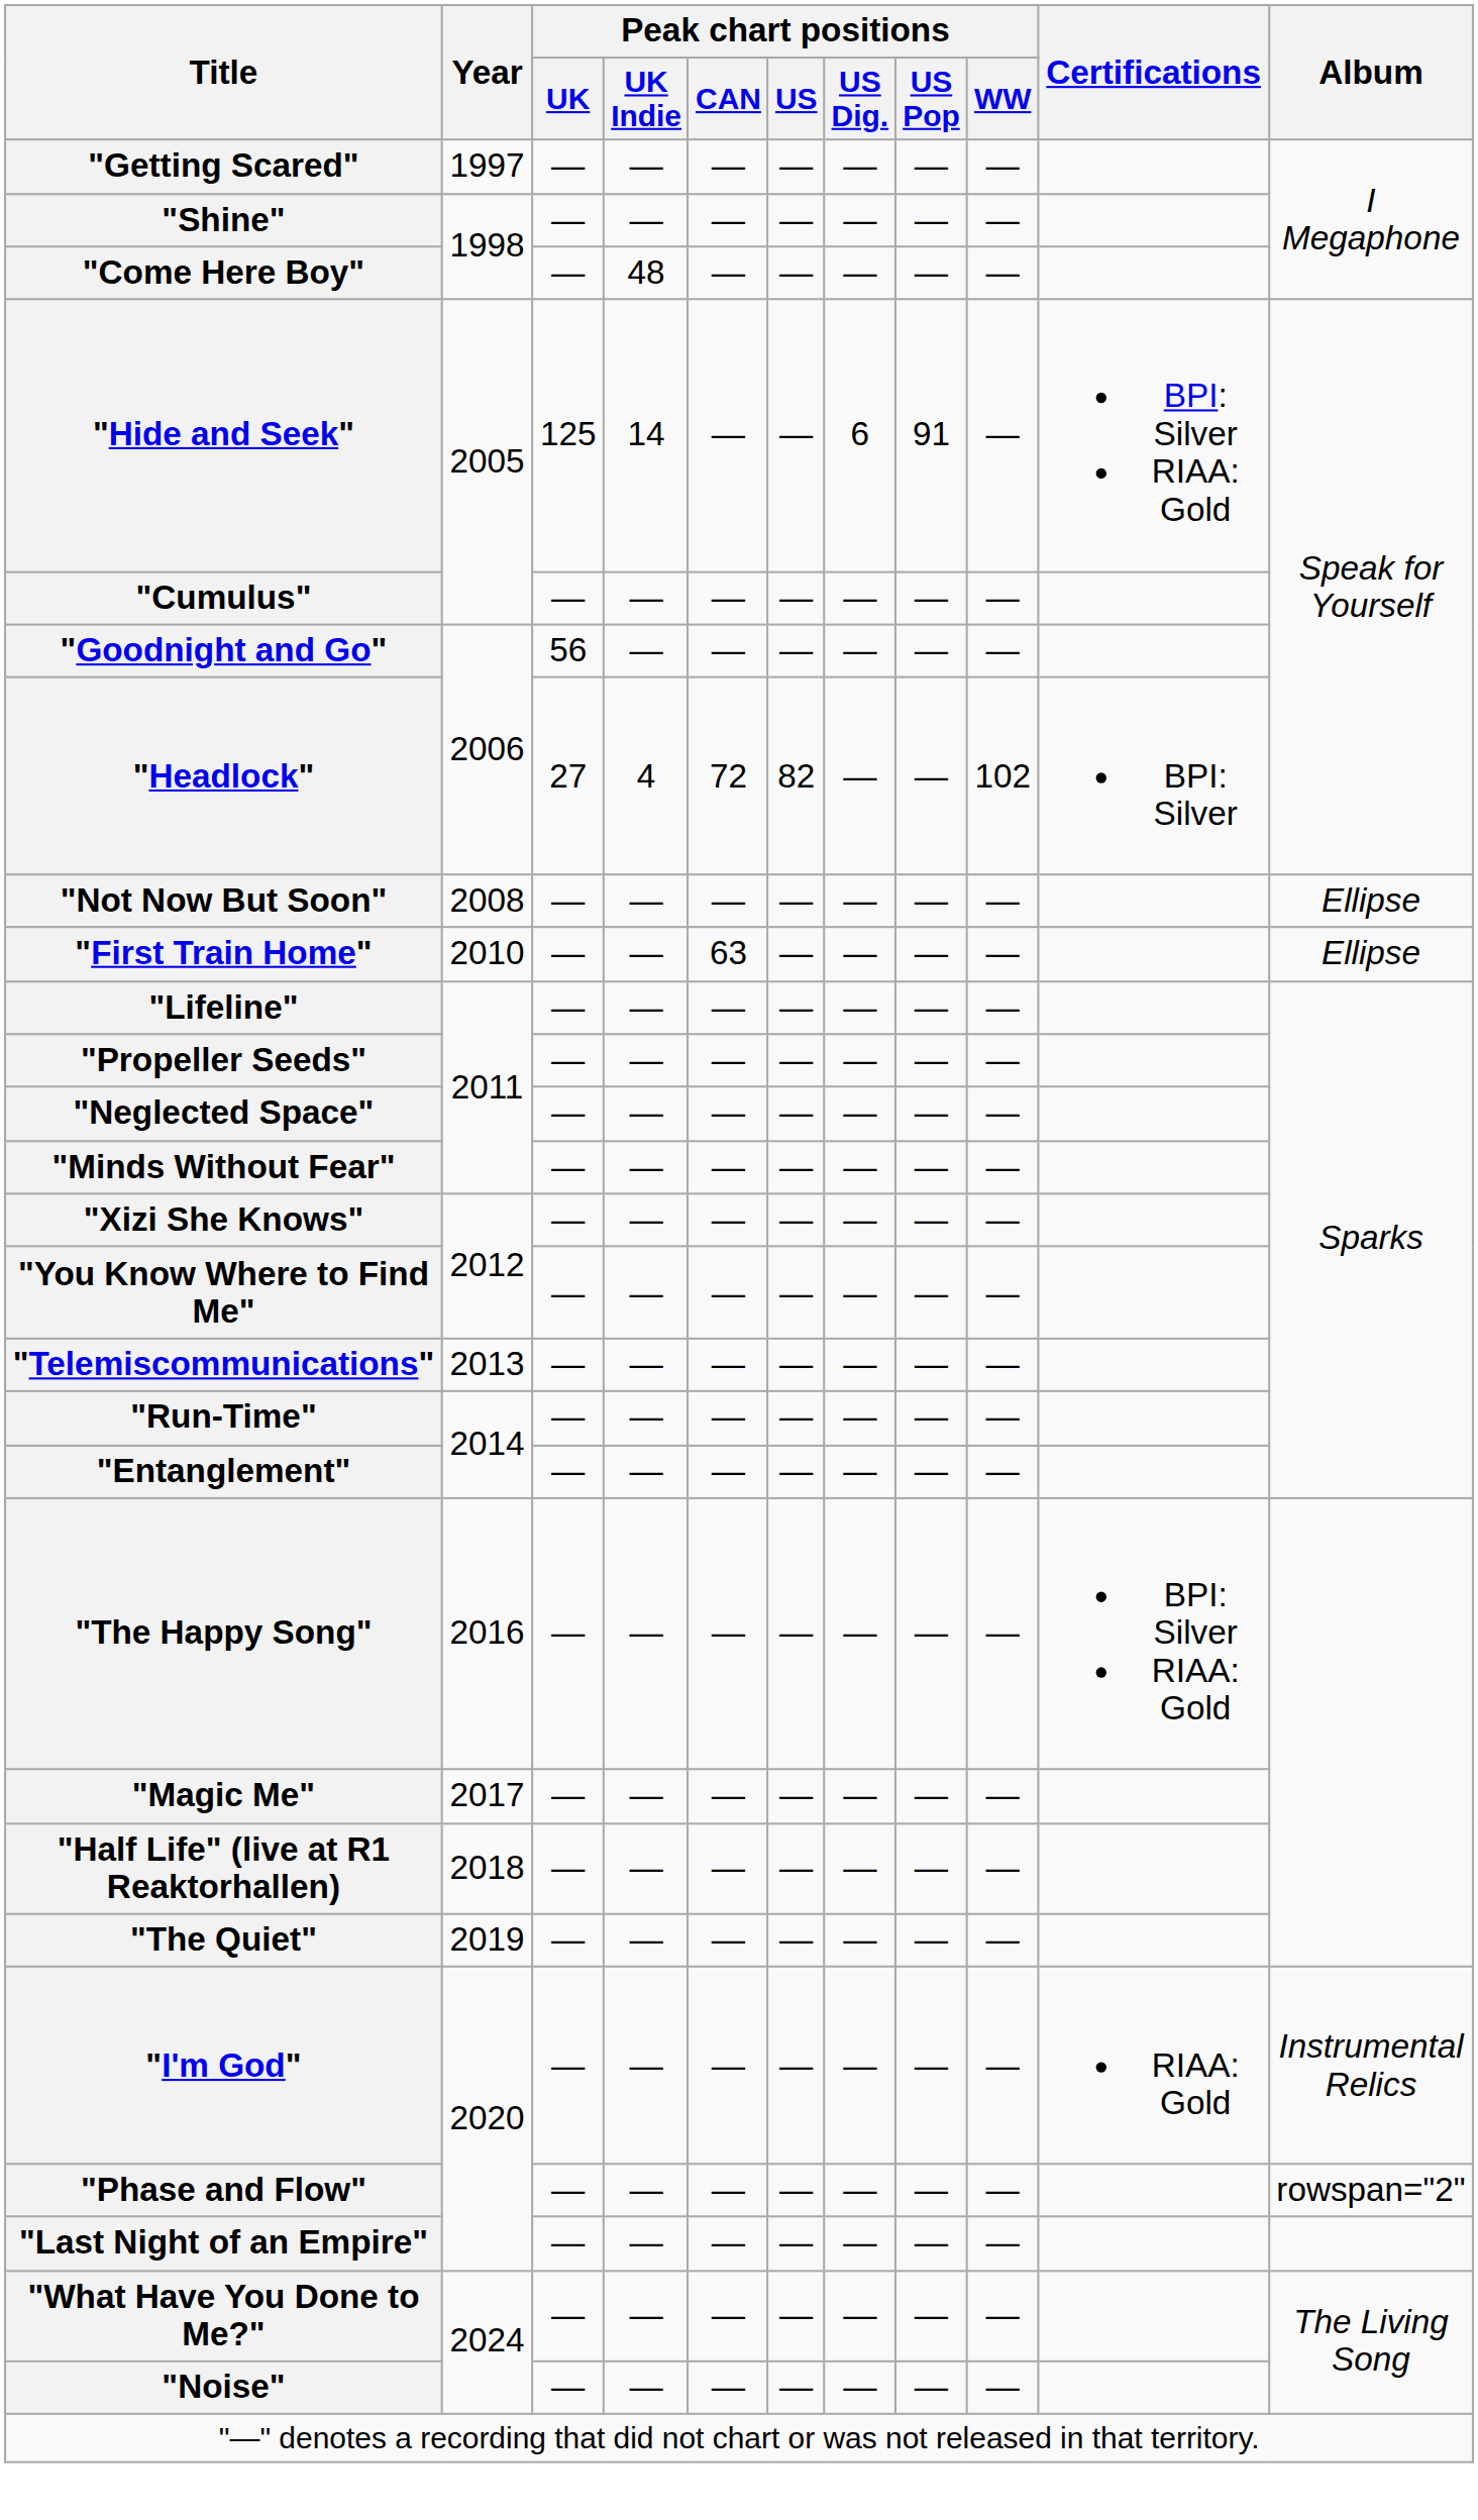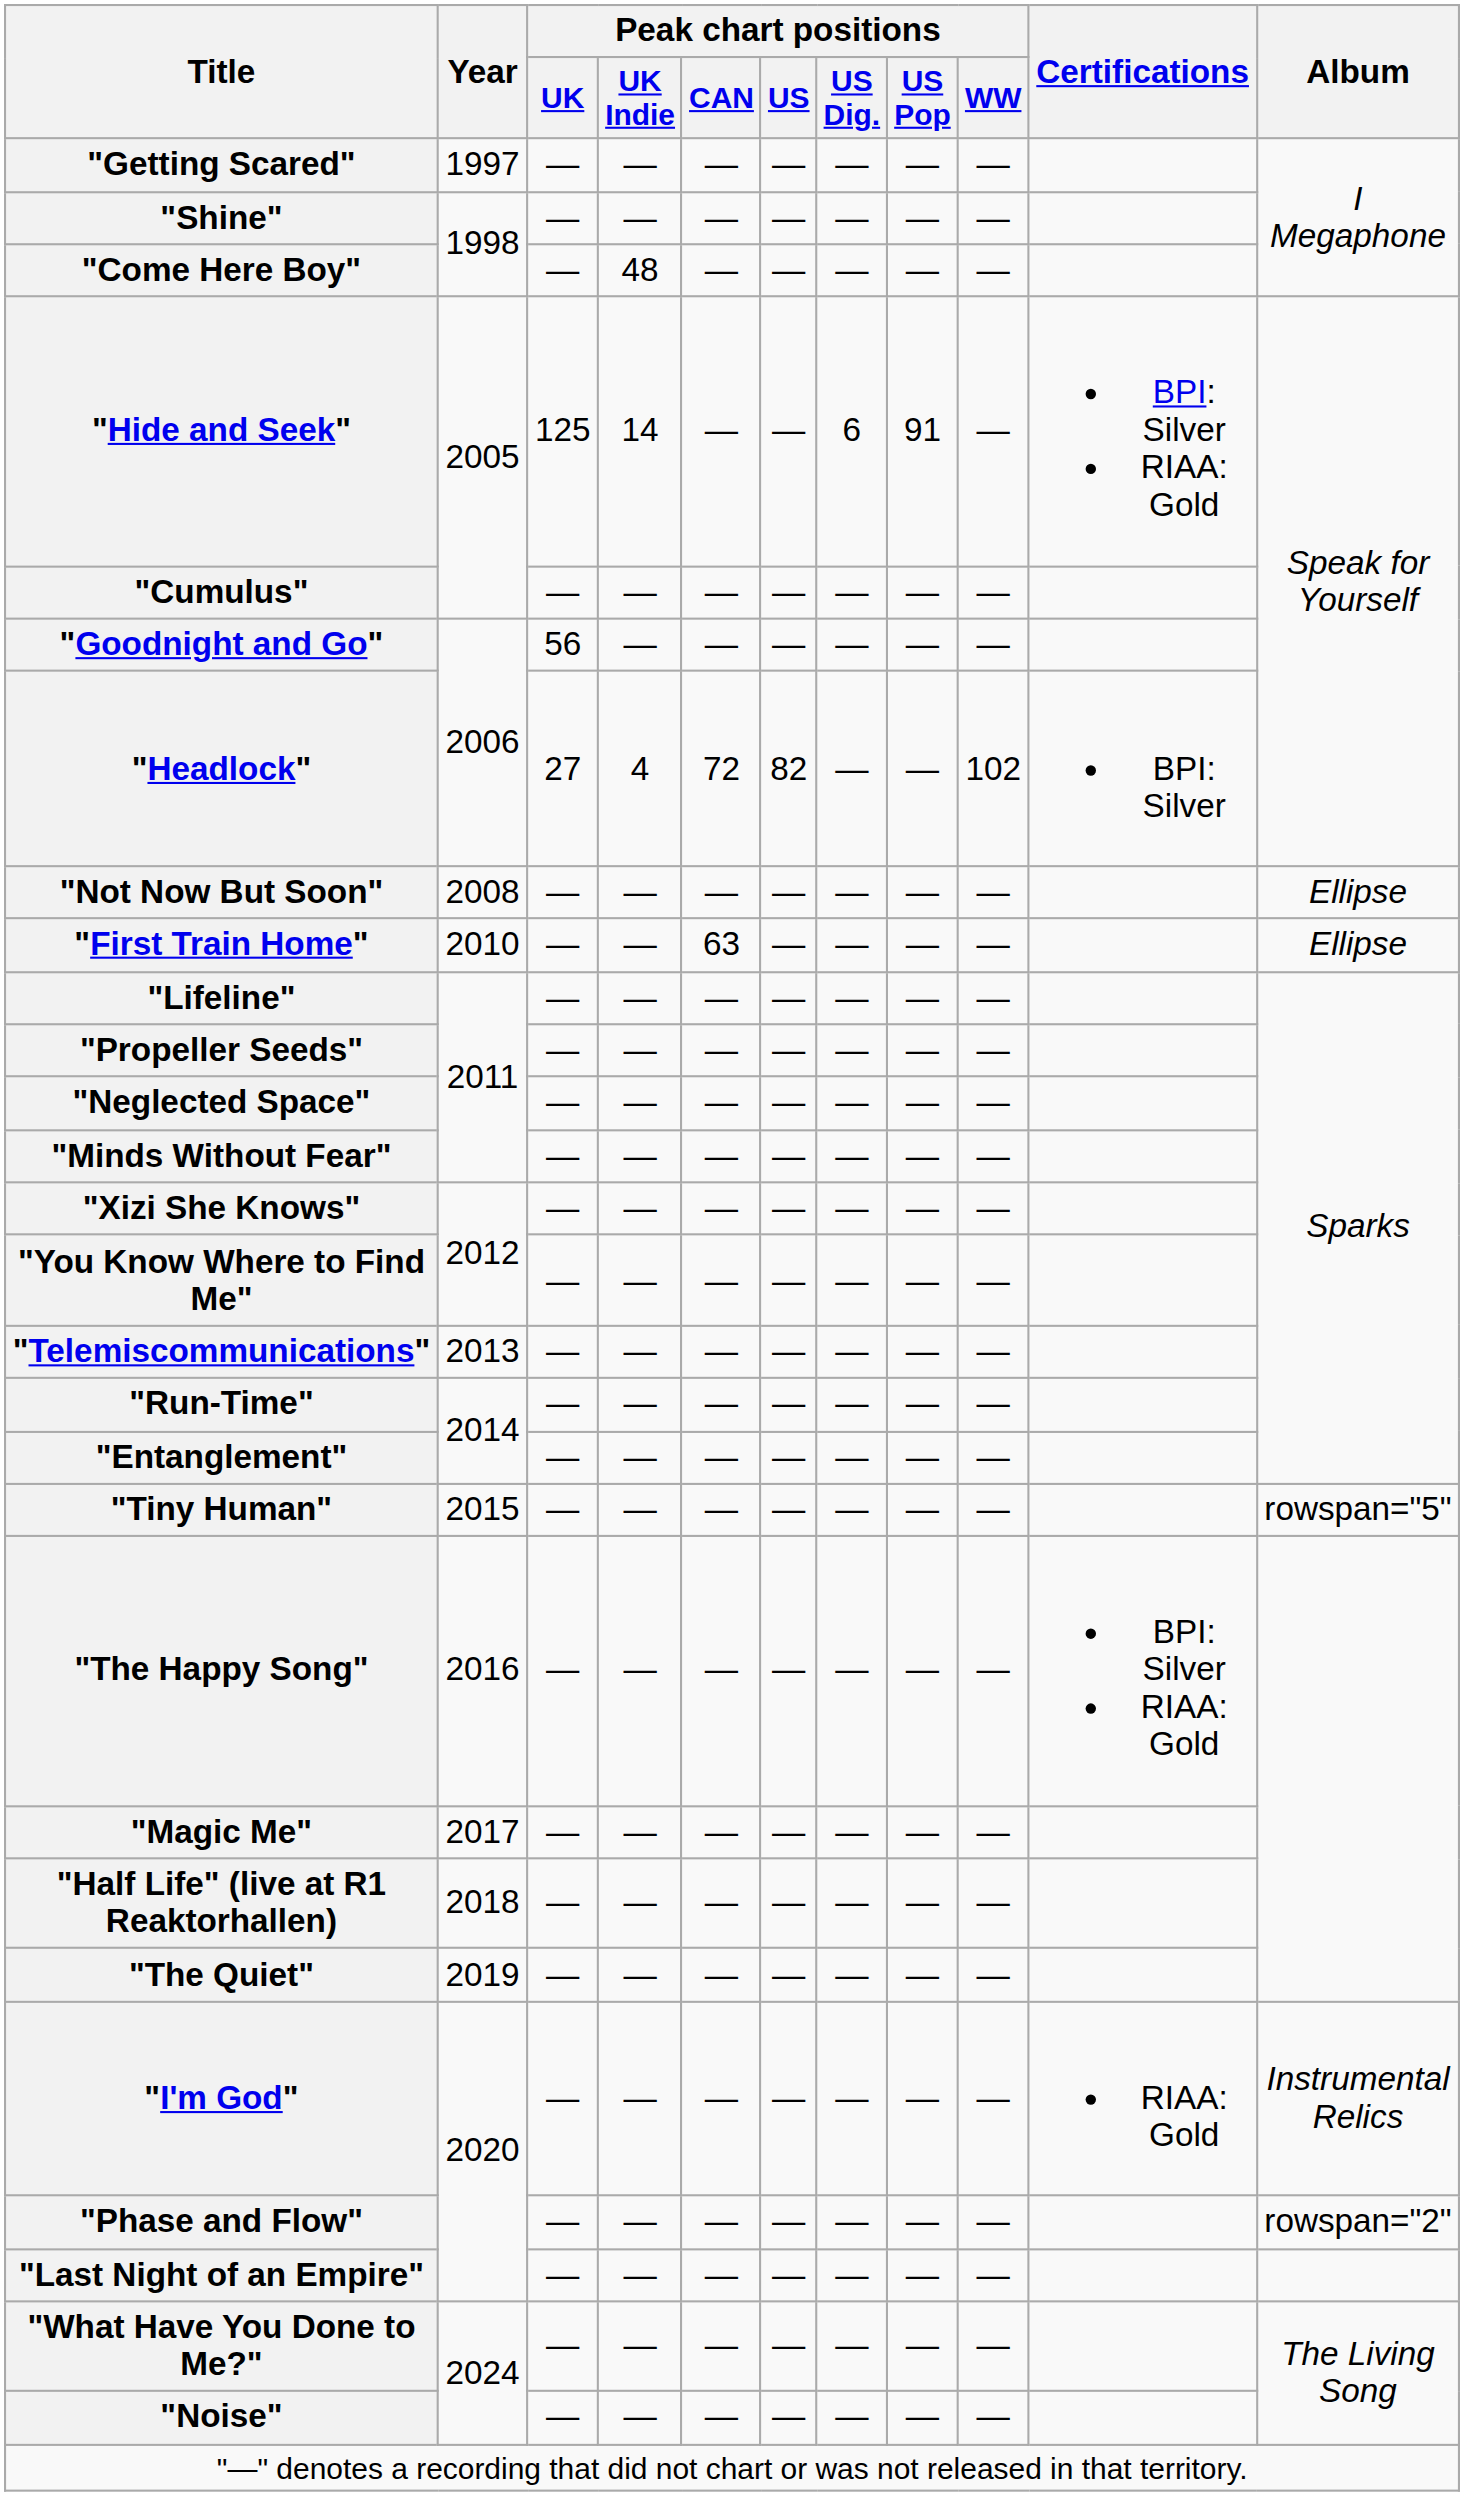 <table class="wikitable plainrowheaders" style="text-align:center;">
 <tr>
 <th scope="col" rowspan="2" style="width:16em;">Title</th>
 <th scope="col" rowspan="2">Year</th>
 <th scope="col" colspan="7">Peak chart positions</th>
 <th scope="col" rowspan="2"><a href='#'>Certifications</a></th>
 <th scope="col" rowspan="2">Album</th>
 </tr>
 <tr>
 <th scope="col" style="width:2.5em;font-size:90%;"><a href='#'>UK</a><br></th>
 <th scope="col" style="width:2.5em;font-size:90%;"><a href='#'>UK Indie</a><br></th>
 <th scope="col" style="width:2.5em;font-size:90%;"><a href='#'>CAN</a><br></th>
 <th scope="col" style="width:2.5em;font-size:90%;"><a href='#'>US</a><br></th>
 <th scope="col" style="width:2.5em;font-size:90%;"><a href='#'>US<br>Dig.</a><br></th>
 <th scope="col" style="width:2.5em;font-size:90%;"><a href='#'>US<br>Pop</a><br></th>
 <th scope="col" style="width:2.5em;font-size:90%;"><a href='#'>WW</a><br></th>
 </tr>
 <tr>
 <th scope="row">"Getting Scared"</th>
 <td>1997</td>
 <td>—</td>
 <td>—</td>
 <td>—</td>
 <td>—</td>
 <td>—</td>
 <td>—</td>
 <td>—</td>
 <td></td>
 <td rowspan="3"><em>I Megaphone</em></td>
 </tr>
 <tr>
 <th scope="row">"Shine"</th>
 <td rowspan="2">1998</td>
 <td>—</td>
 <td>—</td>
 <td>—</td>
 <td>—</td>
 <td>—</td>
 <td>—</td>
 <td>—</td>
 <td></td>
 </tr>
 <tr>
 <th scope="row">"Come Here Boy"</th>
 <td>—</td>
 <td>48</td>
 <td>—</td>
 <td>—</td>
 <td>—</td>
 <td>—</td>
 <td>—</td>
 <td></td>
 </tr>
 <tr>
 <th scope="row">"<a href='#'>Hide and Seek</a>"</th>
 <td rowspan="2">2005</td>
 <td>125</td>
 <td>14</td>
 <td>—</td>
 <td>—</td>
 <td>6</td>
 <td>91</td>
 <td>—</td>
 <td><br><ul><li><a href='#'>BPI</a>: Silver</li><li>RIAA: Gold</li></ul></td>
 <td rowspan="4"><em>Speak for Yourself</em></td>
 </tr>
 <tr>
 <th scope="row">"Cumulus"</th>
 <td>—</td>
 <td>—</td>
 <td>—</td>
 <td>—</td>
 <td>—</td>
 <td>—</td>
 <td>—</td>
 <td></td>
 </tr>
 <tr>
 <th scope="row">"<a href='#'>Goodnight and Go</a>"</th>
 <td rowspan="2">2006</td>
 <td>56</td>
 <td>—</td>
 <td>—</td>
 <td>—</td>
 <td>—</td>
 <td>—</td>
 <td>—</td>
 <td></td>
 </tr>
 <tr>
 <th scope="row">"<a href='#'>Headlock</a>"</th>
 <td>27</td>
 <td>4</td>
 <td>72</td>
 <td>82</td>
 <td>—</td>
 <td>—</td>
 <td>102</td>
 <td><br><ul><li>BPI: Silver</li></ul></td>
 </tr>
 <tr>
 <th scope="row">"Not Now But Soon"</th>
 <td>2008</td>
 <td>—</td>
 <td>—</td>
 <td>—</td>
 <td>—</td>
 <td>—</td>
 <td>—</td>
 <td>—</td>
 <td></td>
 <td><em>Ellipse</em></td>
 </tr>
 <tr>
 <th scope="row">"<a href='#'>First Train Home</a>"</th>
 <td>2010</td>
 <td>—</td>
 <td>—</td>
 <td>63</td>
 <td>—</td>
 <td>—</td>
 <td>—</td>
 <td>—</td>
 <td></td>
 <td><em>Ellipse</em></td>
 </tr>
 <tr>
 <th scope="row">"Lifeline"</th>
 <td rowspan="4">2011</td>
 <td>—</td>
 <td>—</td>
 <td>—</td>
 <td>—</td>
 <td>—</td>
 <td>—</td>
 <td>—</td>
 <td></td>
 <td rowspan="9"><em>Sparks</em></td>
 </tr>
 <tr>
 <th scope="row">"Propeller Seeds"</th>
 <td>—</td>
 <td>—</td>
 <td>—</td>
 <td>—</td>
 <td>—</td>
 <td>—</td>
 <td>—</td>
 <td></td>
 </tr>
 <tr>
 <th scope="row">"Neglected Space"</th>
 <td>—</td>
 <td>—</td>
 <td>—</td>
 <td>—</td>
 <td>—</td>
 <td>—</td>
 <td>—</td>
 <td></td>
 </tr>
 <tr>
 <th scope="row">"Minds Without Fear"<br></th>
 <td>—</td>
 <td>—</td>
 <td>—</td>
 <td>—</td>
 <td>—</td>
 <td>—</td>
 <td>—</td>
 <td></td>
 </tr>
 <tr>
 <th scope="row">"Xizi She Knows"</th>
 <td rowspan="2">2012</td>
 <td>—</td>
 <td>—</td>
 <td>—</td>
 <td>—</td>
 <td>—</td>
 <td>—</td>
 <td>—</td>
 <td></td>
 </tr>
 <tr>
 <th scope="row">"You Know Where to Find Me"</th>
 <td>—</td>
 <td>—</td>
 <td>—</td>
 <td>—</td>
 <td>—</td>
 <td>—</td>
 <td>—</td>
 <td></td>
 </tr>
 <tr>
 <th scope="row">"<a href='#'>Telemiscommunications</a>"<br></th>
 <td>2013</td>
 <td>—</td>
 <td>—</td>
 <td>—</td>
 <td>—</td>
 <td>—</td>
 <td>—</td>
 <td>—</td>
 <td></td>
 </tr>
 <tr>
 <th scope="row">"Run-Time"</th>
 <td rowspan="2">2014</td>
 <td>—</td>
 <td>—</td>
 <td>—</td>
 <td>—</td>
 <td>—</td>
 <td>—</td>
 <td>—</td>
 <td></td>
 </tr>
 <tr>
 <th scope="row">"Entanglement"</th>
 <td>—</td>
 <td>—</td>
 <td>—</td>
 <td>—</td>
 <td>—</td>
 <td>—</td>
 <td>—</td>
 <td></td>
 </tr>
 <tr>
+<th scope="row">"Tiny Human"</th>
+<td>2015</td>
+<td>—</td>
+<td>—</td>
+<td>—</td>
+<td>—</td>
+<td>—</td>
+<td>—</td>
+<td>—</td>
+<td></td>
+<td>rowspan="5" </td>
+</tr>
+<tr>
 <th scope="row">"The Happy Song"</th>
 <td>2016</td>
 <td>—</td>
 <td>—</td>
 <td>—</td>
 <td>—</td>
 <td>—</td>
 <td>—</td>
 <td>—</td>
 <td><br><ul><li>BPI: Silver</li><li>RIAA: Gold</li></ul></td>
 </tr>
 <tr>
 <th scope="row">"Magic Me"</th>
 <td>2017</td>
 <td>—</td>
 <td>—</td>
 <td>—</td>
 <td>—</td>
 <td>—</td>
 <td>—</td>
 <td>—</td>
 <td></td>
 </tr>
 <tr>
 <th scope="row">"Half Life" (live at R1 Reaktorhallen)</th>
 <td>2018</td>
 <td>—</td>
 <td>—</td>
 <td>—</td>
 <td>—</td>
 <td>—</td>
 <td>—</td>
 <td>—</td>
 <td></td>
 </tr>
 <tr>
 <th scope="row">"The Quiet"</th>
 <td>2019</td>
 <td>—</td>
 <td>—</td>
 <td>—</td>
 <td>—</td>
 <td>—</td>
 <td>—</td>
 <td>—</td>
 <td></td>
 </tr>
 <tr>
 <th scope="row">"<a href='#'>I'm God</a>"<br></th>
 <td rowspan="3">2020</td>
 <td>—</td>
 <td>—</td>
 <td>—</td>
 <td>—</td>
 <td>—</td>
 <td>—</td>
 <td>—</td>
 <td><br><ul><li>RIAA: Gold</li></ul></td>
 <td><em>Instrumental Relics</em></td>
 </tr>
 <tr>
 <th scope="row">"Phase and Flow"</th>
 <td>—</td>
 <td>—</td>
 <td>—</td>
 <td>—</td>
 <td>—</td>
 <td>—</td>
 <td>—</td>
 <td></td>
 <td>rowspan="2" </td>
 </tr>
 <tr>
 <th scope="row">"Last Night of an Empire"</th>
 <td>—</td>
 <td>—</td>
 <td>—</td>
 <td>—</td>
 <td>—</td>
 <td>—</td>
 <td>—</td>
 <td></td>
 </tr>
 <tr>
 <th scope="row">"What Have You Done to Me?"</th>
 <td rowspan="2">2024</td>
 <td>—</td>
 <td>—</td>
 <td>—</td>
 <td>—</td>
 <td>—</td>
 <td>—</td>
 <td>—</td>
 <td></td>
 <td rowspan="2"><em>The Living Song</em></td>
 </tr>
 <tr>
 <th scope="row">"Noise"</th>
 <td>—</td>
 <td>—</td>
 <td>—</td>
 <td>—</td>
 <td>—</td>
 <td>—</td>
 <td>—</td>
 <td></td>
 </tr>
 <tr>
 <td colspan="11" style="font-size:90%">"—" denotes a recording that did not chart or was not released in that territory.</td>
 </tr>
 </table>
